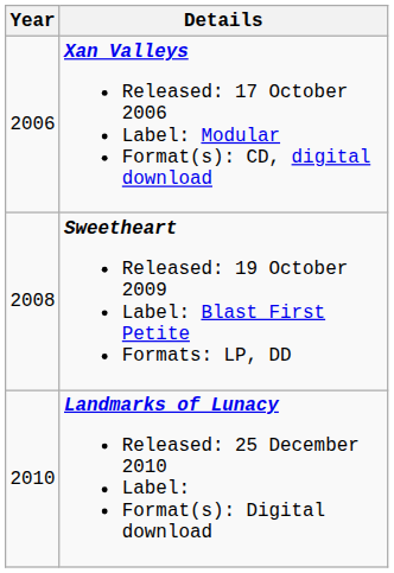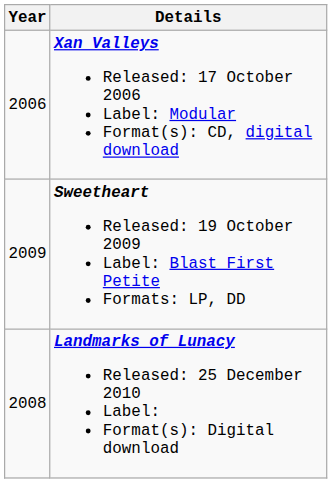 <table class="wikitable">
 <tr>
 <th>Year</th>
 <th style="width:220px;">Details</th>
 </tr>
 <tr>
 <td>2006</td>
 <td><strong><em><a href='#'>Xan Valleys</a></em></strong><br><ul><li>Released: 17 October 2006</li><li>Label: <a href='#'>Modular</a></li><li>Format(s): CD, <a href='#'>digital download</a></li></ul></td>
 </tr>
 <tr>
-<td>2008</td>
+<td>2009</td>
 <td><strong><em>Sweetheart</em></strong><br><ul><li>Released: 19 October 2009</li><li>Label: <a href='#'>Blast First Petite</a></li><li>Formats: LP, DD</li></ul></td>
 </tr>
 <tr>
-<td>2010</td>
+<td>2008</td>
 <td><strong><em><a href='#'>Landmarks of Lunacy</a></em></strong><br><ul><li>Released: 25 December 2010</li><li>Label:</li><li>Format(s): Digital download</li></ul></td>
 </tr>
 </table>
